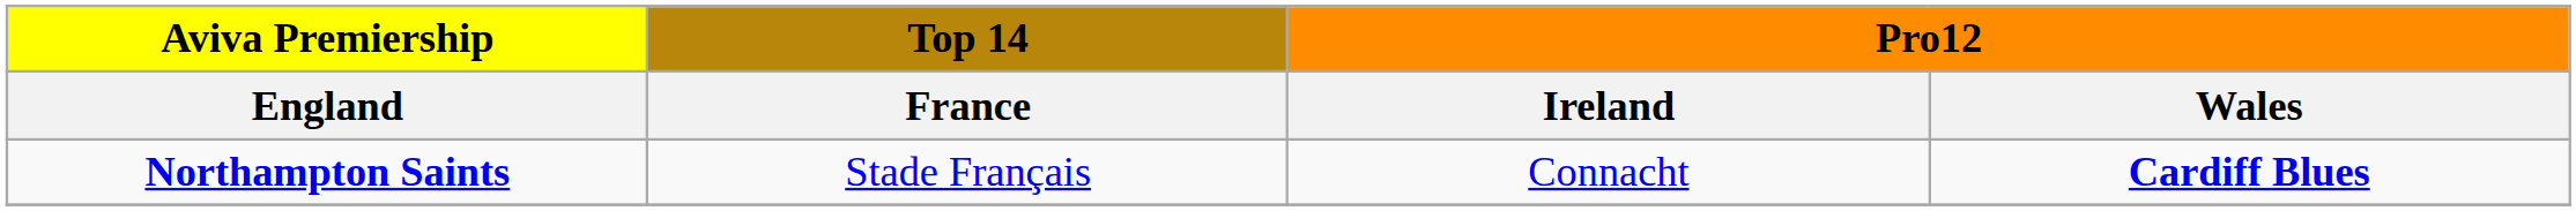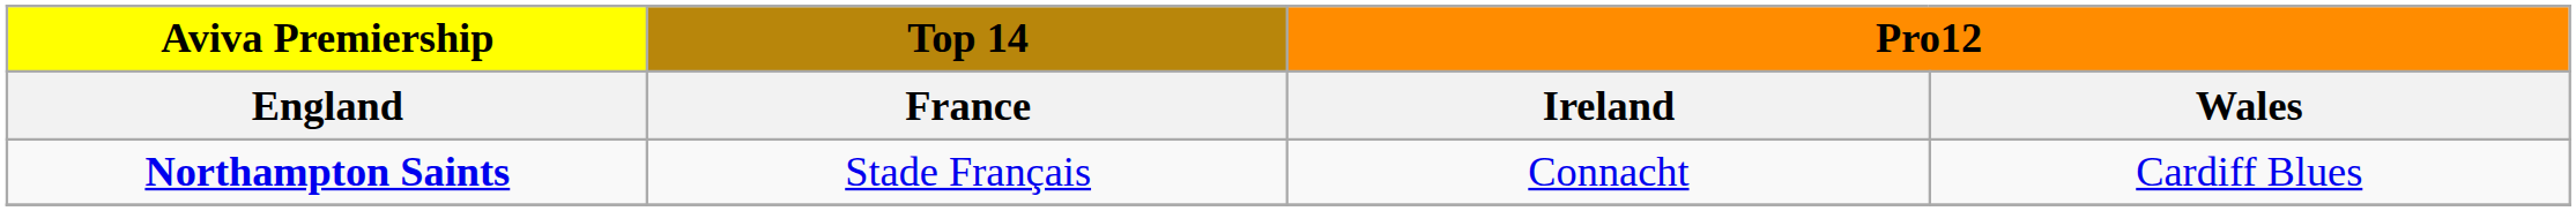 <table class="wikitable" style="margin: 1em auto 1em auto;">
 <tr>
 <th style="background: #ffff00;">Aviva Premiership</th>
 <th style="background: #b8860b;">Top 14</th>
 <th colspan=2 style="background: #ff8c00;">Pro12</th>
 </tr>
 <tr>
 <th width=15%> England</th>
 <th width=15%> France</th>
 <th width=15%> Ireland</th>
 <th width=15%> Wales</th>
 </tr>
 <tr>
 <td style="text-align: center;"><strong><a href='#'>Northampton Saints</a></strong></td>
 <td style="text-align: center;"><a href='#'>Stade Français</a></td>
 <td style="text-align: center;"><a href='#'>Connacht</a></td>
-<td style="text-align: center;"><strong><a href='#'>Cardiff Blues</a></strong></td>
+<td style="text-align: center;"><a href='#'>Cardiff Blues</a></td>
 </tr>
 <tr valign=top>
 </tr>
 </table>
